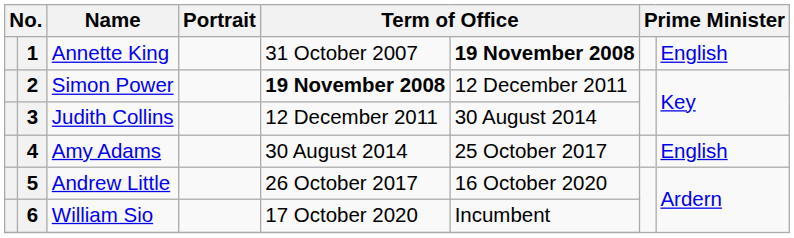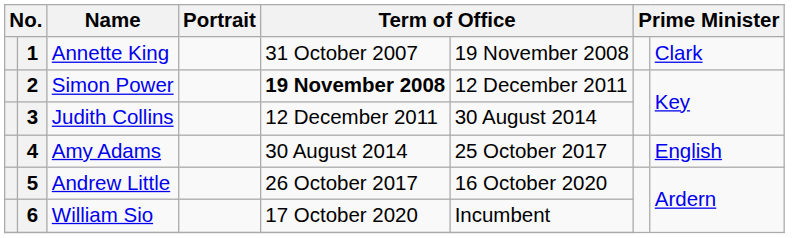 <table class="wikitable">
 <tr>
 <th colspan=2>No.</th>
 <th>Name</th>
 <th>Portrait</th>
 <th colspan=2>Term of Office</th>
 <th colspan=2>Prime Minister</th>
 </tr>
 <tr>
 <th style="background:"></th>
 <th>1</th>
 <td><a href='#'>Annette King</a></td>
 <td></td>
 <td>31 October 2007</td>
-<td><strong>19 November 2008</strong></td>
+<td>19 November 2008</td>
 <td style="background:"></td>
-<td><a href='#'>English</a></td>
+<td><a href='#'>Clark</a></td>
 </tr>
 <tr>
 <th style="background:"></th>
 <th>2</th>
 <td><a href='#'>Simon Power</a></td>
 <td></td>
 <td><strong>19 November 2008</strong></td>
 <td>12 December 2011</td>
 <td rowspan=3 style="background:"></td>
 <td rowspan=3><a href='#'>Key</a></td>
 </tr>
 <tr>
 <th style="background:"></th>
 <th>3</th>
 <td><a href='#'>Judith Collins</a></td>
 <td></td>
 <td>12 December 2011</td>
 <td>30 August 2014</td>
 </tr>
 <tr>
 <th rowspan=2 style="background:"></th>
 <th rowspan=2>4</th>
 <td rowspan=2><a href='#'>Amy Adams</a></td>
 <td rowspan=2></td>
 <td rowspan=2>30 August 2014</td>
 <td rowspan=2>25 October 2017</td>
 </tr>
 <tr>
 <td style="border-bottom:solid 0 grey; background:"></td>
 <td><a href='#'>English</a></td>
 </tr>
 <tr>
 <th style="background:"></th>
 <th>5</th>
 <td><a href='#'>Andrew Little</a></td>
 <td></td>
 <td>26 October 2017</td>
 <td>16 October 2020</td>
 <td rowspan="5" style="background:"></td>
 <td rowspan="5"><a href='#'>Ardern</a></td>
 </tr>
 <tr>
 <th style="background:"></th>
 <th>6</th>
 <td><a href='#'>William Sio</a></td>
 <td></td>
 <td>17 October 2020</td>
 <td>Incumbent</td>
 </tr>
 <tr>
 </tr>
 </table>
